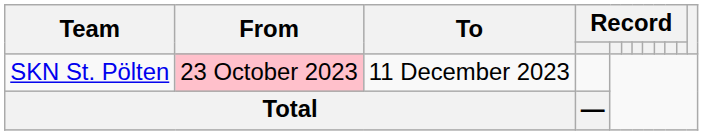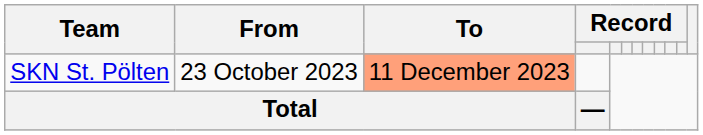 <table class="wikitable" style="text-align: center">
 <tr>
 <th rowspan="2">Team</th>
 <th rowspan="2">From</th>
 <th rowspan="2">To</th>
 <th colspan="8">Record</th>
 <th rowspan="2"></th>
 </tr>
 <tr>
 <th></th>
 <th></th>
 <th></th>
 <th></th>
 <th></th>
 <th></th>
 <th></th>
 <th></th>
 </tr>
 <tr>
 <td><a href='#'>SKN St. Pölten</a></td>
-<td style="background: pink;">23 October 2023</td>
-<td>11 December 2023<br></td>
+<td>23 October 2023</td>
+<td style="background: lightsalmon;">11 December 2023<br></td>
 <td></td>
 </tr>
 <tr>
 <th colspan="3">Total<br></th>
 <th>—</th>
 </tr>
 </table>
